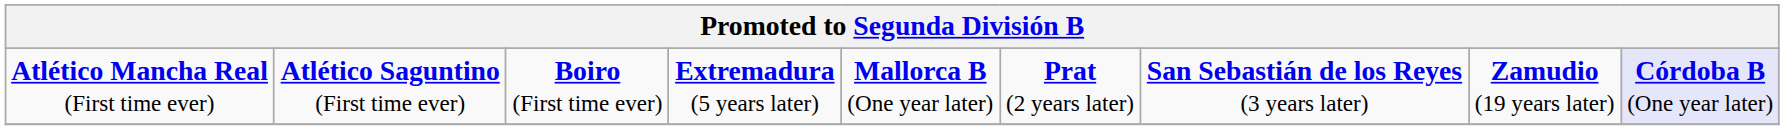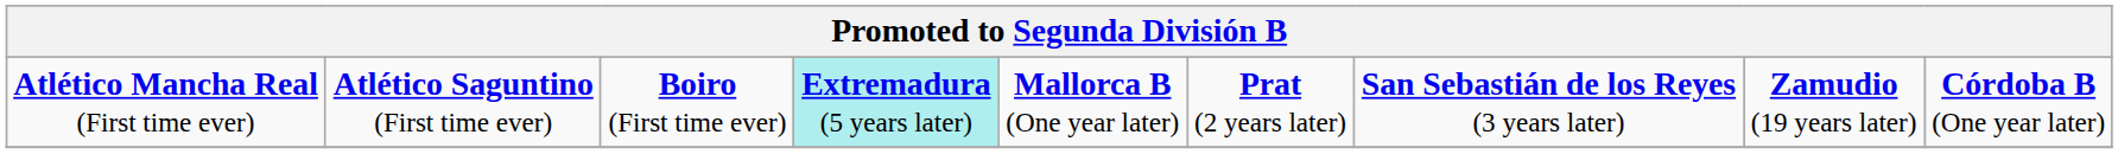 <table class="wikitable" style="text-align: center; margin: 0 auto;">
 <tr>
 <th colspan="9">Promoted to <a href='#'>Segunda División B</a></th>
 </tr>
 <tr>
 <td><strong><a href='#'>Atlético Mancha Real</a></strong><br><small>(First time ever)</small></td>
 <td><strong><a href='#'>Atlético Saguntino</a></strong><br><small>(First time ever)</small></td>
 <td><strong><a href='#'>Boiro</a></strong><br><small>(First time ever)</small></td>
-<td><strong><a href='#'>Extremadura</a></strong><br><small>(5 years later)</small></td>
+<td style="background: paleturquoise;"><strong><a href='#'>Extremadura</a></strong><br><small>(5 years later)</small></td>
 <td><strong><a href='#'>Mallorca B</a></strong><br><small>(One year later)</small></td>
 <td><strong><a href='#'>Prat</a></strong><br><small>(2 years later)</small></td>
 <td><strong><a href='#'>San Sebastián de los Reyes</a></strong><br><small>(3 years later)</small></td>
 <td><strong><a href='#'>Zamudio</a></strong><br><small>(19 years later)</small></td>
-<td style="background: lavender;"><strong><a href='#'>Córdoba B</a></strong><br><small>(One year later)</small></td>
+<td><strong><a href='#'>Córdoba B</a></strong><br><small>(One year later)</small></td>
 </tr>
 <tr>
 </tr>
 </table>
